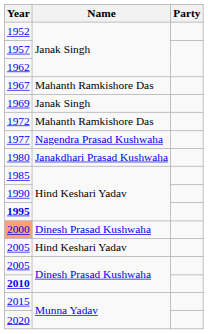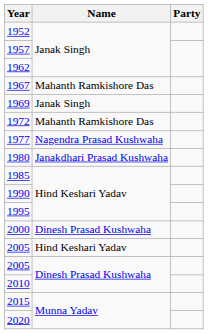 <table class="wikitable sortable">
 <tr>
 <th>Year</th>
 <th>Name</th>
 <th colspan="2">Party</th>
 </tr>
 <tr>
 <td><a href='#'>1952</a></td>
 <td rowspan="3">Janak Singh</td>
 <td></td>
 </tr>
 <tr>
 <td><a href='#'>1957</a></td>
 </tr>
 <tr>
 <td><a href='#'>1962</a></td>
 </tr>
 <tr>
 <td><a href='#'>1967</a></td>
 <td>Mahanth Ramkishore Das</td>
 <td></td>
 </tr>
 <tr>
 <td><a href='#'>1969</a></td>
 <td>Janak Singh</td>
 <td></td>
 </tr>
 <tr>
 <td><a href='#'>1972</a></td>
 <td>Mahanth Ramkishore Das</td>
 <td></td>
 </tr>
 <tr>
 <td><a href='#'>1977</a></td>
 <td><a href='#'>Nagendra Prasad Kushwaha</a></td>
 <td></td>
 </tr>
 <tr>
 <td><a href='#'>1980</a></td>
 <td><a href='#'>Janakdhari Prasad Kushwaha</a></td>
 <td></td>
 </tr>
 <tr>
 <td><a href='#'>1985</a></td>
 <td rowspan="3">Hind Keshari Yadav</td>
 <td></td>
 </tr>
 <tr>
 <td><a href='#'>1990</a></td>
 <td></td>
 </tr>
 <tr>
-<td><strong><a href='#'>1995</a></strong></td>
+<td><a href='#'>1995</a></td>
 </tr>
 <tr>
-<td style="background: lightsalmon;"><a href='#'>2000</a></td>
+<td><a href='#'>2000</a></td>
 <td><a href='#'>Dinesh Prasad Kushwaha</a></td>
 <td></td>
 </tr>
 <tr>
 <td><a href='#'>2005</a></td>
 <td>Hind Keshari Yadav</td>
 <td></td>
 </tr>
 <tr>
 <td><a href='#'>2005</a></td>
 <td rowspan="2"><a href='#'>Dinesh Prasad Kushwaha</a></td>
 <td></td>
 </tr>
 <tr>
-<td><strong><a href='#'>2010</a></strong></td>
+<td><a href='#'>2010</a></td>
 </tr>
 <tr>
 <td><a href='#'>2015</a></td>
 <td rowspan="2"><a href='#'>Munna Yadav</a></td>
 <td></td>
 </tr>
 <tr>
 <td><a href='#'>2020</a></td>
 </tr>
 </table>
